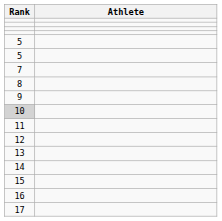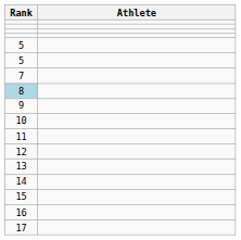 <table class="wikitable" style="text-align: center;">
 <tr>
 <th width=40>Rank</th>
 <th width=270>Athlete</th>
 </tr>
 <tr>
 <td></td>
 <td align=left></td>
 </tr>
 <tr>
 <td></td>
 <td align=left></td>
 </tr>
 <tr>
 <td></td>
 <td align=left></td>
 </tr>
 <tr>
 <td></td>
 <td align=left></td>
 </tr>
 <tr>
 <td>5</td>
 <td align=left></td>
 </tr>
 <tr>
 <td>5</td>
 <td align=left></td>
 </tr>
 <tr>
 <td>7</td>
 <td align=left></td>
 </tr>
 <tr>
-<td>8</td>
+<td style="background: lightblue;">8</td>
 <td align=left></td>
 </tr>
 <tr>
 <td>9</td>
 <td align=left></td>
 </tr>
 <tr>
-<td style="background: lightgrey;">10</td>
+<td>10</td>
 <td align=left></td>
 </tr>
 <tr>
 <td>11</td>
 <td align=left></td>
 </tr>
 <tr>
 <td>12</td>
 <td align=left></td>
 </tr>
 <tr>
 <td>13</td>
 <td align=left></td>
 </tr>
 <tr>
 <td>14</td>
 <td align=left></td>
 </tr>
 <tr>
 <td>15</td>
 <td align=left></td>
 </tr>
 <tr>
 <td>16</td>
 <td align=left></td>
 </tr>
 <tr>
 <td>17</td>
 <td align=left></td>
 </tr>
 </table>
